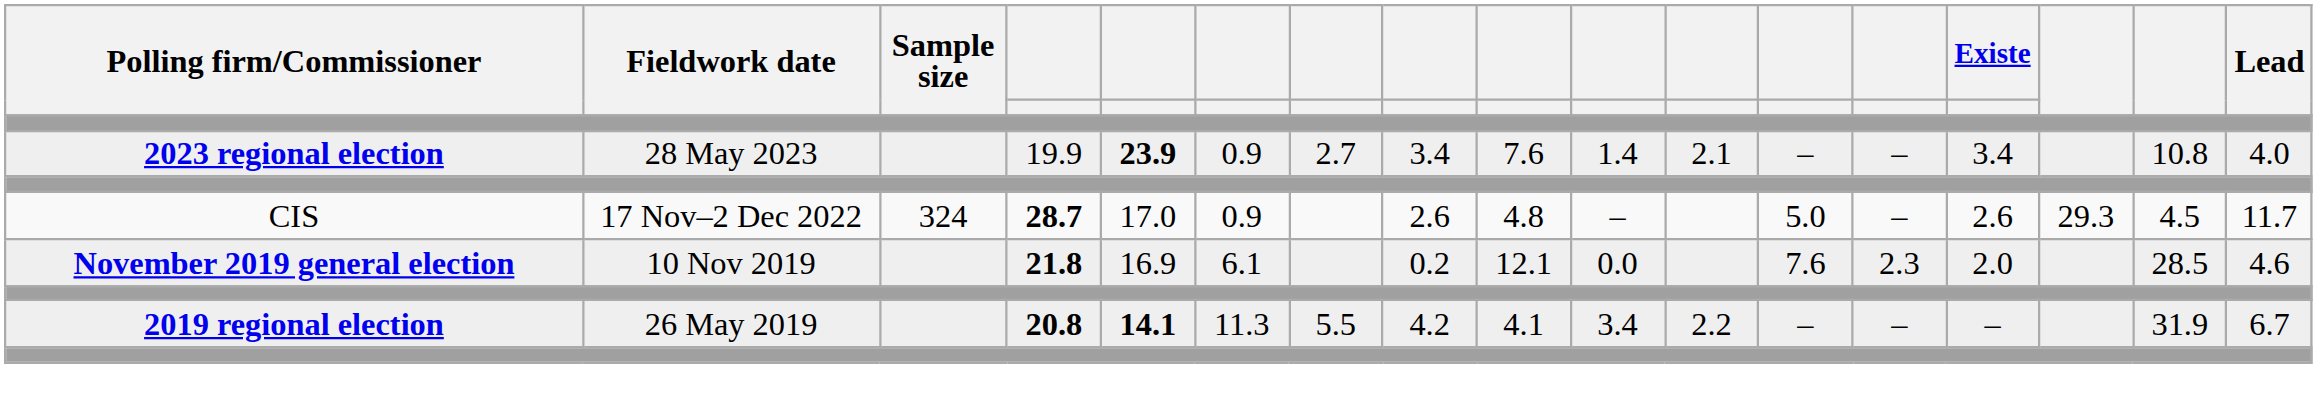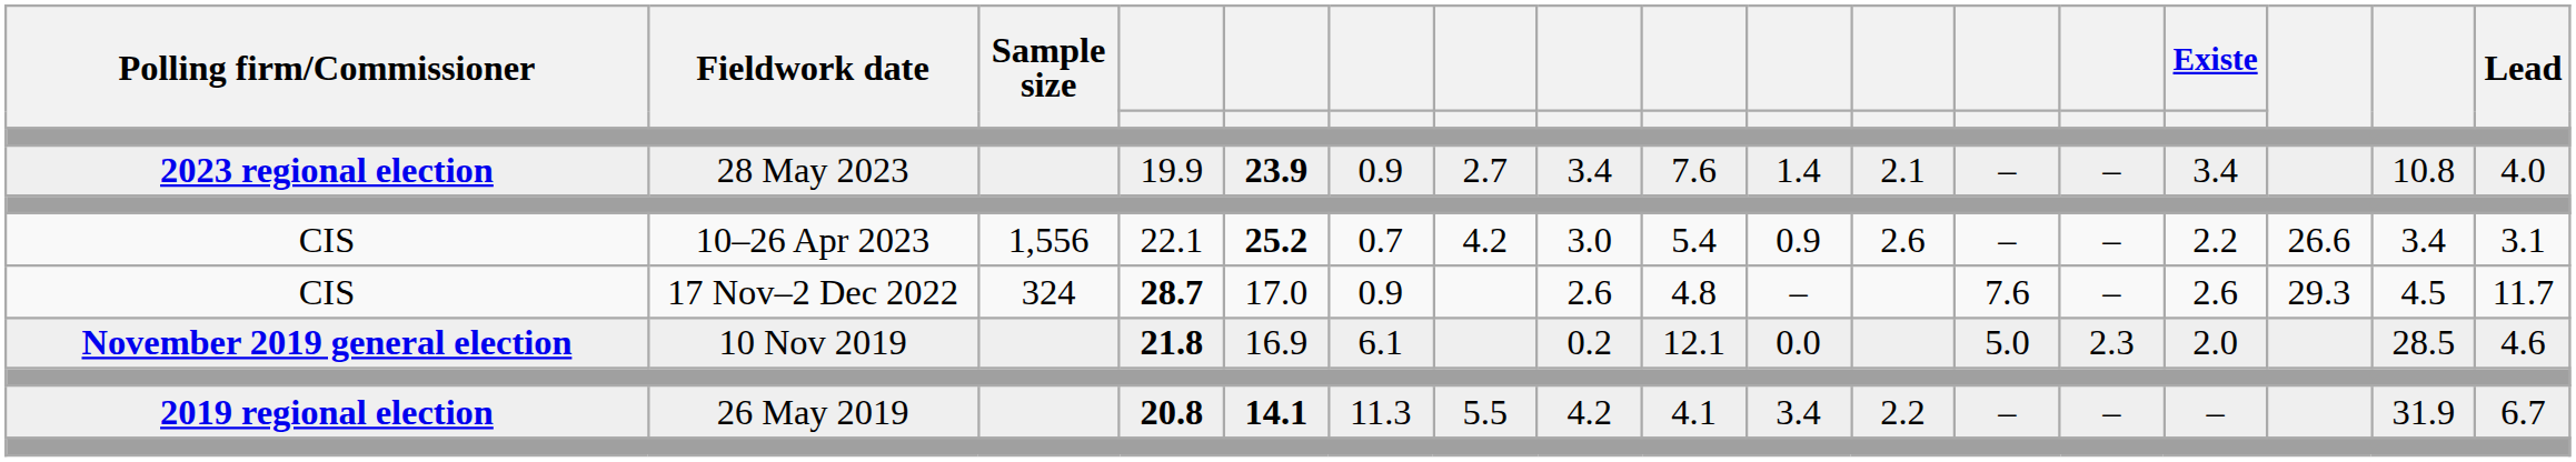 <table class="wikitable collapsible collapsed" style="text-align:center; font-size:90%; line-height:14px;">
 <tr style="height:42px;">
 <th style="width:250px;" rowspan="2">Polling firm/Commissioner</th>
 <th style="width:125px;" rowspan="2">Fieldwork date</th>
 <th style="width:50px;" rowspan="2">Sample size</th>
 <th style="width:35px;"></th>
 <th style="width:35px;"></th>
 <th style="width:35px;"></th>
 <th style="width:35px;"></th>
 <th style="width:35px;"></th>
 <th style="width:35px;"></th>
 <th style="width:35px;"></th>
 <th style="width:35px;"></th>
 <th style="width:35px;"></th>
 <th style="width:35px;"></th>
 <th style="width:35px; font-size:90%;"><a href='#'>Existe</a></th>
 <th style="width:35px;" rowspan="2"></th>
 <th style="width:35px;" rowspan="2"></th>
 <th style="width:30px;" rowspan="2">Lead</th>
 </tr>
 <tr>
 <th style="color:inherit;background:"></th>
 <th style="color:inherit;background:"></th>
 <th style="color:inherit;background:"></th>
 <th style="color:inherit;background:"></th>
 <th style="color:inherit;background:"></th>
 <th style="color:inherit;background:"></th>
 <th style="color:inherit;background:"></th>
 <th style="color:inherit;background:"></th>
 <th style="color:inherit;background:"></th>
 <th style="color:inherit;background:"></th>
 <th style="color:inherit;background:"></th>
 </tr>
 <tr>
 <td colspan="17" style="background:#A0A0A0"></td>
 </tr>
 <tr style="background:#EFEFEF;">
 <td><strong><a href='#'>2023 regional election</a></strong></td>
 <td>28 May 2023</td>
 <td></td>
 <td>19.9</td>
 <td><strong>23.9</strong></td>
 <td>0.9</td>
 <td>2.7</td>
 <td>3.4</td>
 <td>7.6</td>
 <td>1.4</td>
 <td>2.1</td>
 <td>–</td>
 <td>–</td>
 <td>3.4</td>
 <td></td>
 <td>10.8</td>
 <td style="background:">4.0</td>
 </tr>
 <tr>
 <td colspan="17" style="background:#A0A0A0"></td>
 </tr>
 <tr>
 <td>CIS</td>
+<td>10–26 Apr 2023</td>
+<td>1,556</td>
+<td>22.1</td>
+<td><strong>25.2</strong></td>
+<td>0.7</td>
+<td>4.2</td>
+<td>3.0</td>
+<td>5.4</td>
+<td>0.9</td>
+<td>2.6</td>
+<td>–</td>
+<td>–</td>
+<td>2.2</td>
+<td>26.6</td>
+<td>3.4</td>
+<td style="background:">3.1</td>
+</tr>
+<tr>
+<td>CIS</td>
 <td>17 Nov–2 Dec 2022</td>
 <td>324</td>
 <td><strong>28.7</strong></td>
 <td>17.0</td>
 <td>0.9</td>
 <td></td>
 <td>2.6</td>
 <td>4.8</td>
 <td>–</td>
 <td></td>
-<td>5.0</td>
+<td>7.6</td>
 <td>–</td>
 <td>2.6</td>
 <td>29.3</td>
 <td>4.5</td>
 <td style="background:">11.7</td>
 </tr>
 <tr style="background:#EFEFEF;">
 <td><strong><a href='#'>November 2019 general election</a></strong></td>
 <td>10 Nov 2019</td>
 <td></td>
 <td><strong>21.8</strong></td>
 <td>16.9</td>
 <td>6.1</td>
 <td></td>
 <td>0.2</td>
 <td>12.1</td>
 <td>0.0</td>
 <td></td>
-<td>7.6</td>
+<td>5.0</td>
 <td>2.3</td>
 <td>2.0</td>
 <td></td>
 <td>28.5</td>
 <td style="background:">4.6</td>
 </tr>
 <tr>
 <td colspan="17" style="background:#A0A0A0"></td>
 </tr>
 <tr style="background:#EFEFEF;">
 <td><strong><a href='#'>2019 regional election</a></strong></td>
 <td>26 May 2019</td>
 <td></td>
 <td><strong>20.8</strong></td>
 <td><strong>14.1</strong></td>
 <td>11.3</td>
 <td>5.5</td>
 <td>4.2</td>
 <td>4.1</td>
 <td>3.4</td>
 <td>2.2</td>
 <td>–</td>
 <td>–</td>
 <td>–</td>
 <td></td>
 <td>31.9</td>
 <td style="background:">6.7</td>
 </tr>
 <tr>
 <td colspan="17" style="background:#A0A0A0"></td>
 </tr>
 </table>
